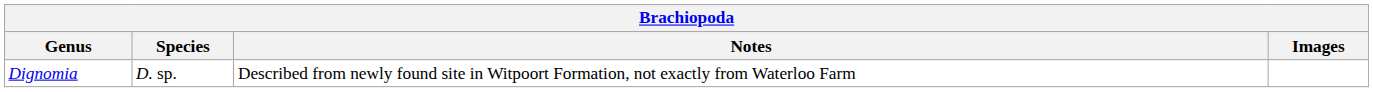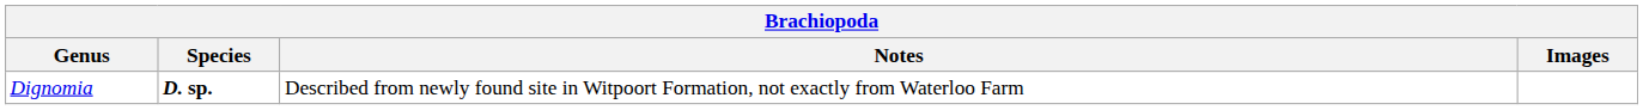 <table class="wikitable sortable" style="background:white; width:100%;">
 <tr>
 <th colspan="4" align="center"><a href='#'>Brachiopoda</a></th>
 </tr>
 <tr>
 <th>Genus</th>
 <th>Species</th>
 <th>Notes</th>
 <th>Images</th>
 </tr>
 <tr>
 <td><em><a href='#'>Dignomia</a></em></td>
-<td><em>D. </em>sp.</td>
+<td><strong><em>D. </em>sp.</strong></td>
 <td>Described from newly found site in Witpoort Formation, not exactly from Waterloo Farm</td>
 <td></td>
 </tr>
 </table>
